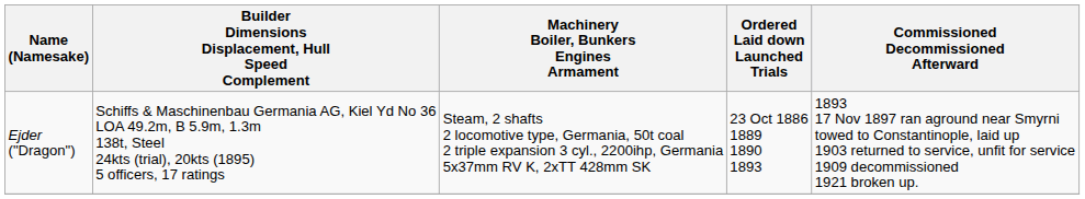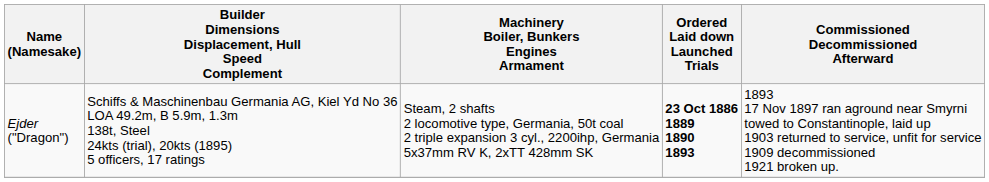 <table class="wikitable" style="font-size:90%;">
 <tr bgcolor="#e6e9ff">
 <th>Name<br>(Namesake)</th>
 <th>Builder<br>Dimensions<br>Displacement, Hull<br>Speed<br>Complement</th>
 <th>Machinery<br>Boiler, Bunkers<br>Engines<br>Armament</th>
 <th>Ordered<br>Laid down<br>Launched<br>Trials</th>
 <th>Commissioned<br>Decommissioned<br>Afterward</th>
 </tr>
 <tr ---->
 <td><em>Ejder</em><br>("Dragon")</td>
 <td> Schiffs & Maschinenbau Germania AG, Kiel Yd No 36<br>LOA 49.2m, B 5.9m, 1.3m<br>138t, Steel<br>24kts (trial), 20kts (1895)<br>5 officers, 17 ratings</td>
 <td>Steam, 2 shafts<br>2 locomotive type, Germania, 50t coal<br>2 triple expansion 3 cyl., 2200ihp, Germania<br>5x37mm RV K, 2xTT 428mm SK</td>
-<td>23 Oct 1886<br>1889<br>1890<br>1893</td>
+<td><strong>23 Oct 1886<br>1889<br>1890<br>1893</strong></td>
 <td>1893<br>17 Nov 1897 ran aground near Smyrni<br>towed to Constantinople, laid up<br>1903 returned to service, unfit for service<br>1909 decommissioned<br>1921 broken up.</td>
 </tr>
 <tr ---->
 </tr>
 </table>
